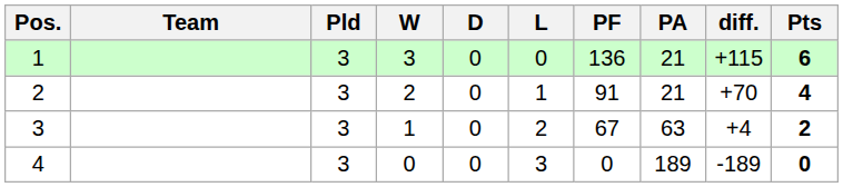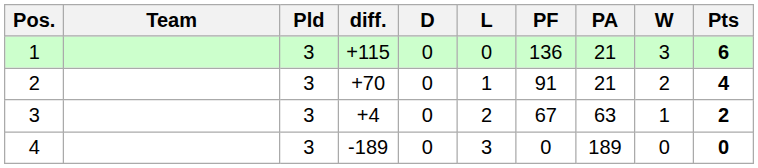 <table class="wikitable" style="text-align: center;">
 <tr>
 <th width=40>Pos.</th>
 <th width=165>Team</th>
 <th width=40>Pld</th>
-<th width=40>W</th>
+<th width=40>diff.</th>
 <th width=40>D</th>
 <th width=40>L</th>
 <th width=40>PF</th>
 <th width=40>PA</th>
-<th width=40>diff.</th>
+<th width=40>W</th>
 <th width=40>Pts</th>
 </tr>
 <tr bgcolor=#ccffcc align=center>
 <td>1</td>
 <td align=left></td>
 <td>3</td>
-<td>3</td>
+<td>+115</td>
 <td>0</td>
 <td>0</td>
 <td>136</td>
 <td>21</td>
-<td>+115</td>
+<td>3</td>
 <td><strong>6</strong></td>
 </tr>
 <tr bgcolor=#ffffff align=center>
 <td>2</td>
 <td align=left></td>
 <td>3</td>
-<td>2</td>
+<td>+70</td>
 <td>0</td>
 <td>1</td>
 <td>91</td>
 <td>21</td>
-<td>+70</td>
+<td>2</td>
 <td><strong>4</strong></td>
 </tr>
 <tr bgcolor=#ffffff align=center>
 <td>3</td>
 <td align=left></td>
 <td>3</td>
-<td>1</td>
+<td>+4</td>
 <td>0</td>
 <td>2</td>
 <td>67</td>
 <td>63</td>
-<td>+4</td>
+<td>1</td>
 <td><strong>2</strong></td>
 </tr>
 <tr bgcolor=#ffffff align=center>
 <td>4</td>
 <td align=left></td>
 <td>3</td>
-<td>0</td>
+<td>-189</td>
 <td>0</td>
 <td>3</td>
 <td>0</td>
 <td>189</td>
-<td>-189</td>
+<td>0</td>
 <td><strong>0</strong></td>
 </tr>
 </table>
